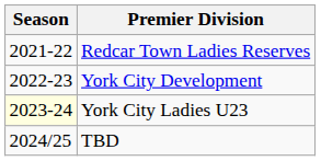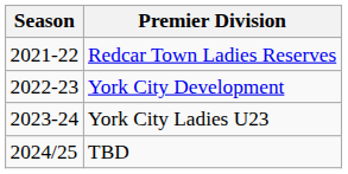 <table class="wikitable">
 <tr>
 <th>Season</th>
 <th>Premier Division</th>
 </tr>
 <tr>
 <td>2021-22</td>
 <td><a href='#'>Redcar Town Ladies Reserves</a></td>
 </tr>
 <tr>
 <td>2022-23</td>
 <td><a href='#'>York City Development</a></td>
 </tr>
 <tr>
-<td style="background: lightyellow;">2023-24</td>
+<td>2023-24</td>
 <td>York City Ladies U23</td>
 </tr>
 <tr>
 <td>2024/25</td>
 <td>TBD</td>
 </tr>
 </table>
